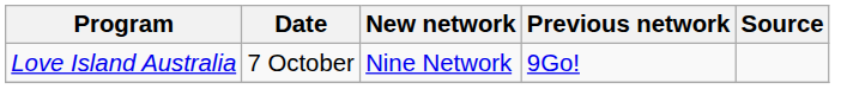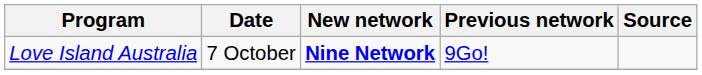 <table class="wikitable plainrowheaders sortable" style="text-align:left">
 <tr>
 <th scope="col">Program</th>
 <th scope="col" align="center">Date</th>
 <th scope="col">New network</th>
 <th scope="col">Previous network</th>
 <th scope="col" class="unsortable">Source</th>
 </tr>
 <tr>
 <td><em><a href='#'>Love Island Australia</a></em></td>
 <td>7 October</td>
-<td><a href='#'>Nine Network</a></td>
+<td><strong><a href='#'>Nine Network</a></strong></td>
 <td><a href='#'>9Go!</a></td>
 <td></td>
 </tr>
 <tr>
 </tr>
 </table>
